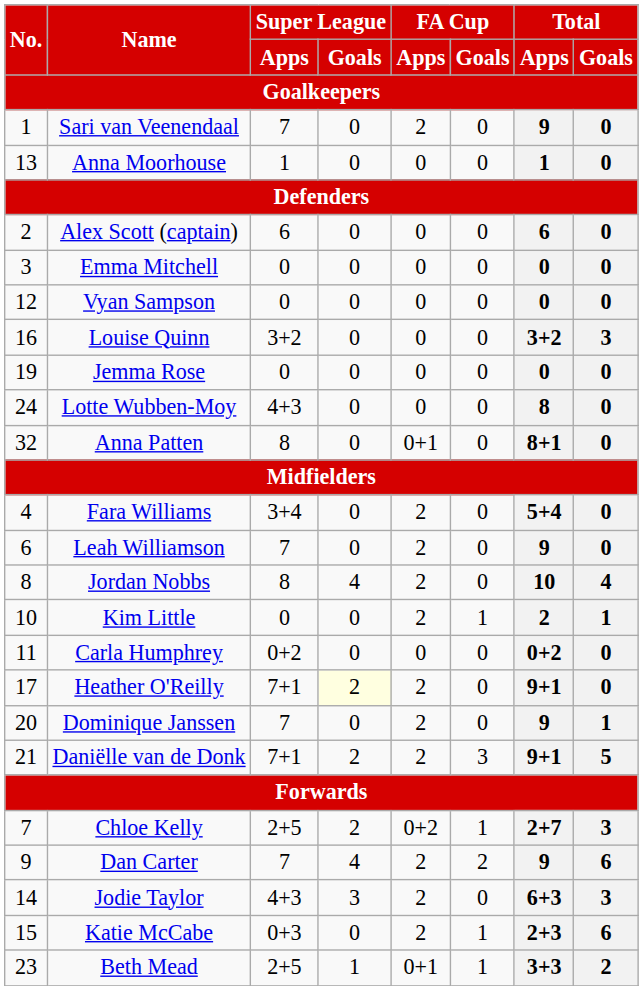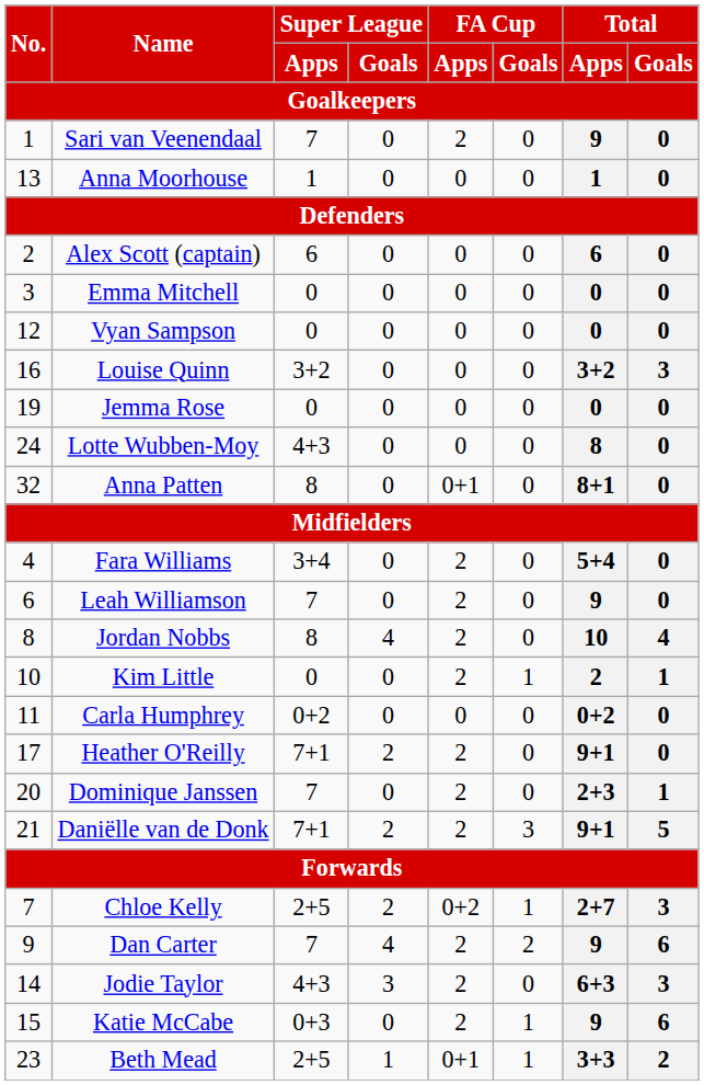 <table class="wikitable" style="text-align:center; font-size:100%; ">
 <tr>
 <th rowspan="2" style="background:#d50000; color:white; text-align:center;">No.</th>
 <th rowspan="2" style="background:#d50000; color:white; text-align:center;">Name</th>
 <th colspan="2" style="background:#d50000; color:white; text-align:center;">Super League</th>
 <th colspan="2" style="background:#d50000; color:white; text-align:center;">FA Cup</th>
 <th colspan="2" style="background:#d50000; color:white; text-align:center;">Total</th>
 </tr>
 <tr>
 <th style="background:#d50000; color:white; text-align:center;">Apps</th>
 <th style="background:#d50000; color:white; text-align:center;">Goals</th>
 <th style="background:#d50000; color:white; text-align:center;">Apps</th>
 <th style="background:#d50000; color:white; text-align:center;">Goals</th>
 <th style="background:#d50000; color:white; text-align:center;">Apps</th>
 <th style="background:#d50000; color:white; text-align:center;">Goals</th>
 </tr>
 <tr>
 <th colspan="8" style="background:#d50000; color:white; text-align:center">Goalkeepers</th>
 </tr>
 <tr>
 <td>1</td>
 <td> <a href='#'>Sari van Veenendaal</a></td>
 <td>7</td>
 <td>0</td>
 <td>2</td>
 <td>0</td>
 <th>9</th>
 <th>0</th>
 </tr>
 <tr>
 <td>13</td>
 <td> <a href='#'>Anna Moorhouse</a></td>
 <td>1</td>
 <td>0</td>
 <td>0</td>
 <td>0</td>
 <th>1</th>
 <th>0</th>
 </tr>
 <tr>
 <th colspan="8" style="background:#d50000; color:white; text-align:center">Defenders</th>
 </tr>
 <tr>
 <td>2</td>
 <td> <a href='#'>Alex Scott</a> (<a href='#'>captain</a>)</td>
 <td>6</td>
 <td>0</td>
 <td>0</td>
 <td>0</td>
 <th>6</th>
 <th>0</th>
 </tr>
 <tr>
 <td>3</td>
 <td> <a href='#'>Emma Mitchell</a></td>
 <td>0</td>
 <td>0</td>
 <td>0</td>
 <td>0</td>
 <th>0</th>
 <th>0</th>
 </tr>
 <tr>
 <td>12</td>
 <td> <a href='#'>Vyan Sampson</a></td>
 <td>0</td>
 <td>0</td>
 <td>0</td>
 <td>0</td>
 <th>0</th>
 <th>0</th>
 </tr>
 <tr>
 <td>16</td>
 <td> <a href='#'>Louise Quinn</a></td>
 <td>3+2</td>
 <td>0</td>
 <td>0</td>
 <td>0</td>
 <th>3+2</th>
 <th>3</th>
 </tr>
 <tr>
 <td>19</td>
 <td> <a href='#'>Jemma Rose</a></td>
 <td>0</td>
 <td>0</td>
 <td>0</td>
 <td>0</td>
 <th>0</th>
 <th>0</th>
 </tr>
 <tr>
 <td>24</td>
 <td> <a href='#'>Lotte Wubben-Moy</a></td>
 <td>4+3</td>
 <td>0</td>
 <td>0</td>
 <td>0</td>
 <th>8</th>
 <th>0</th>
 </tr>
 <tr>
 <td>32</td>
 <td> <a href='#'>Anna Patten</a></td>
 <td>8</td>
 <td>0</td>
 <td>0+1</td>
 <td>0</td>
 <th>8+1</th>
 <th>0</th>
 </tr>
 <tr>
 <th colspan="8" style="background:#d50000; color:white; text-align:center">Midfielders</th>
 </tr>
 <tr>
 <td>4</td>
 <td> <a href='#'>Fara Williams</a></td>
 <td>3+4</td>
 <td>0</td>
 <td>2</td>
 <td>0</td>
 <th>5+4</th>
 <th>0</th>
 </tr>
 <tr>
 <td>6</td>
 <td> <a href='#'>Leah Williamson</a></td>
 <td>7</td>
 <td>0</td>
 <td>2</td>
 <td>0</td>
 <th>9</th>
 <th>0</th>
 </tr>
 <tr>
 <td>8</td>
 <td> <a href='#'>Jordan Nobbs</a></td>
 <td>8</td>
 <td>4</td>
 <td>2</td>
 <td>0</td>
 <th>10</th>
 <th>4</th>
 </tr>
 <tr>
 <td>10</td>
 <td> <a href='#'>Kim Little</a></td>
 <td>0</td>
 <td>0</td>
 <td>2</td>
 <td>1</td>
 <th>2</th>
 <th>1</th>
 </tr>
 <tr>
 <td>11</td>
 <td> <a href='#'>Carla Humphrey</a></td>
 <td>0+2</td>
 <td>0</td>
 <td>0</td>
 <td>0</td>
 <th>0+2</th>
 <th>0</th>
 </tr>
 <tr>
 <td>17</td>
 <td> <a href='#'>Heather O'Reilly</a></td>
 <td>7+1</td>
-<td style="background: lightyellow;">2</td>
+<td>2</td>
 <td>2</td>
 <td>0</td>
 <th>9+1</th>
 <th>0</th>
 </tr>
 <tr>
 <td>20</td>
 <td> <a href='#'>Dominique Janssen</a></td>
 <td>7</td>
 <td>0</td>
 <td>2</td>
 <td>0</td>
-<th>9</th>
+<th>2+3</th>
 <th>1</th>
 </tr>
 <tr>
 <td>21</td>
 <td> <a href='#'>Daniëlle van de Donk</a></td>
 <td>7+1</td>
 <td>2</td>
 <td>2</td>
 <td>3</td>
 <th>9+1</th>
 <th>5</th>
 </tr>
 <tr>
 <th colspan="8" style="background:#d50000; color:white; text-align:center">Forwards</th>
 </tr>
 <tr>
 <td>7</td>
 <td> <a href='#'>Chloe Kelly</a></td>
 <td>2+5</td>
 <td>2</td>
 <td>0+2</td>
 <td>1</td>
 <th>2+7</th>
 <th>3</th>
 </tr>
 <tr>
 <td>9</td>
 <td> <a href='#'>Dan Carter</a></td>
 <td>7</td>
 <td>4</td>
 <td>2</td>
 <td>2</td>
 <th>9</th>
 <th>6</th>
 </tr>
 <tr>
 <td>14</td>
 <td> <a href='#'>Jodie Taylor</a></td>
 <td>4+3</td>
 <td>3</td>
 <td>2</td>
 <td>0</td>
 <th>6+3</th>
 <th>3</th>
 </tr>
 <tr>
 <td>15</td>
 <td> <a href='#'>Katie McCabe</a></td>
 <td>0+3</td>
 <td>0</td>
 <td>2</td>
 <td>1</td>
-<th>2+3</th>
+<th>9</th>
 <th>6</th>
 </tr>
 <tr>
 <td>23</td>
 <td> <a href='#'>Beth Mead</a></td>
 <td>2+5</td>
 <td>1</td>
 <td>0+1</td>
 <td>1</td>
 <th>3+3</th>
 <th>2</th>
 </tr>
 </table>
